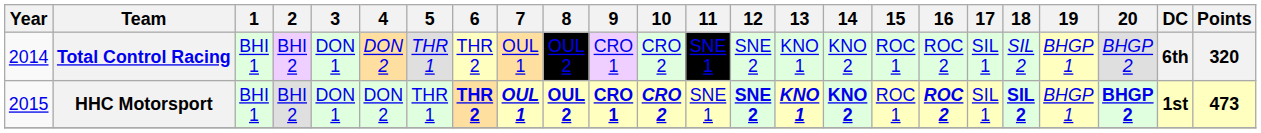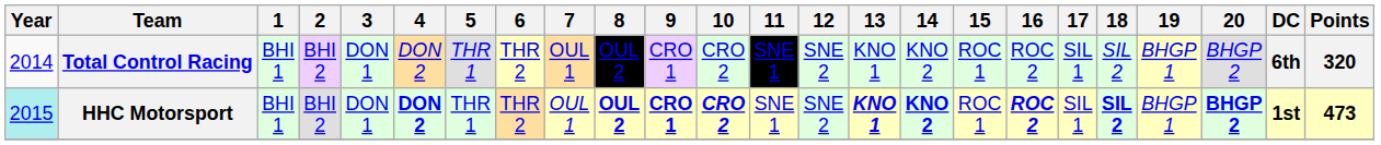 <table class="wikitable" style="text-align:center; font-size:85%">
 <tr>
 <th>Year</th>
 <th>Team</th>
 <th>1</th>
 <th>2</th>
 <th>3</th>
 <th>4</th>
 <th>5</th>
 <th>6</th>
 <th>7</th>
 <th>8</th>
 <th>9</th>
 <th>10</th>
 <th>11</th>
 <th>12</th>
 <th>13</th>
 <th>14</th>
 <th>15</th>
 <th>16</th>
 <th>17</th>
 <th>18</th>
 <th>19</th>
 <th>20</th>
 <th>DC</th>
 <th>Points</th>
 </tr>
 <tr>
 <td><a href='#'>2014</a></td>
 <th nowrap><a href='#'>Total Control Racing</a></th>
 <td style="background:#dfffdf;"><a href='#'>BHI<br>1</a><br></td>
 <td style="background:#EFCFFF;"><a href='#'>BHI<br>2</a><br></td>
 <td style="background:#dfffdf;"><a href='#'>DON<br>1</a><br></td>
 <td style="background:#ffdf9f;"><em><a href='#'>DON<br>2</a></em><br></td>
 <td style="background:#dfdfdf;"><em><a href='#'>THR<br>1</a></em><br></td>
 <td style="background:#ffffbf;"><a href='#'>THR<br>2</a><br></td>
 <td style="background:#ffdf9f;"><a href='#'>OUL<br>1</a><br></td>
 <td style="background:#000000; color:white;"><a href='#'>OUL<br>2</a><br></td>
 <td style="background:#EFCFFF;"><a href='#'>CRO<br>1</a><br></td>
 <td style="background:#dfffdf;"><a href='#'>CRO<br>2</a><br></td>
 <td style="background:#000000; color:white;"><a href='#'>SNE<br>1</a><br></td>
 <td style="background:#dfffdf;"><a href='#'>SNE<br>2</a><br></td>
 <td style="background:#dfffdf;"><a href='#'>KNO<br>1</a><br></td>
 <td style="background:#dfffdf;"><a href='#'>KNO<br>2</a><br></td>
 <td style="background:#dfffdf;"><a href='#'>ROC<br>1</a><br></td>
 <td style="background:#dfffdf;"><a href='#'>ROC<br>2</a><br></td>
 <td style="background:#dfffdf;"><a href='#'>SIL<br>1</a><br></td>
 <td style="background:#dfffdf;"><em><a href='#'>SIL<br>2</a></em><br></td>
 <td style="background:#ffffbf;"><em><a href='#'>BHGP<br>1</a></em><br></td>
 <td style="background:#dfdfdf;"><em><a href='#'>BHGP<br>2</a></em><br></td>
 <th>6th</th>
 <th>320</th>
 </tr>
 <tr>
-<td><a href='#'>2015</a></td>
+<td style="background: paleturquoise;"><a href='#'>2015</a></td>
 <th nowrap>HHC Motorsport</th>
 <td style="background:#dfffdf;"><a href='#'>BHI<br>1</a><br></td>
 <td style="background:#dfdfdf;"><a href='#'>BHI<br>2</a><br></td>
 <td style="background:#dfffdf;"><a href='#'>DON<br>1</a><br></td>
-<td style="background:#dfffdf;"><a href='#'>DON<br>2</a><br></td>
+<td style="background:#dfffdf;"><strong><a href='#'>DON<br>2</a><br></strong></td>
 <td style="background:#dfffdf;"><a href='#'>THR<br>1</a><br></td>
-<td style="background:#ffdf9f;"><strong><a href='#'>THR<br>2</a><br></strong></td>
-<td style="background:#ffffbf;"><strong><em><a href='#'>OUL<br>1</a></em><br></strong></td>
+<td style="background:#ffdf9f;"><a href='#'>THR<br>2</a><br></td>
+<td style="background:#ffffbf;"><em><a href='#'>OUL<br>1</a></em><br></td>
 <td style="background:#ffffbf;"><strong><a href='#'>OUL<br>2</a></strong><br></td>
 <td style="background:#ffffbf;"><strong><a href='#'>CRO<br>1</a><br></strong></td>
 <td style="background:#ffffbf;"><strong><em><a href='#'>CRO<br>2</a></em></strong><br></td>
 <td style="background:#ffffbf;"><a href='#'>SNE<br>1</a><br></td>
-<td style="background:#dfffdf;"><strong><a href='#'>SNE<br>2</a><br></strong></td>
+<td style="background:#dfffdf;"><a href='#'>SNE<br>2</a><br></td>
 <td style="background:#ffffbf;"><strong><em><a href='#'>KNO<br>1</a></em></strong><br></td>
 <td style="background:#dfffdf;"><strong><a href='#'>KNO<br>2</a></strong><br></td>
 <td style="background:#ffffbf;"><a href='#'>ROC<br>1</a><br></td>
 <td style="background:#ffffbf;"><strong><em><a href='#'>ROC<br>2</a></em></strong><br></td>
 <td style="background:#ffffbf;"><a href='#'>SIL<br>1</a><br></td>
 <td style="background:#dfffdf;"><strong><a href='#'>SIL<br>2</a></strong><br></td>
 <td style="background:#ffffbf;"><em><a href='#'>BHGP<br>1</a></em><br></td>
 <td style="background:#dfffdf;"><strong><a href='#'>BHGP<br>2</a></strong><br></td>
 <th style="background:#ffffbf;">1st</th>
 <th style="background:#ffffbf;">473</th>
 </tr>
 <tr>
 </tr>
 </table>
